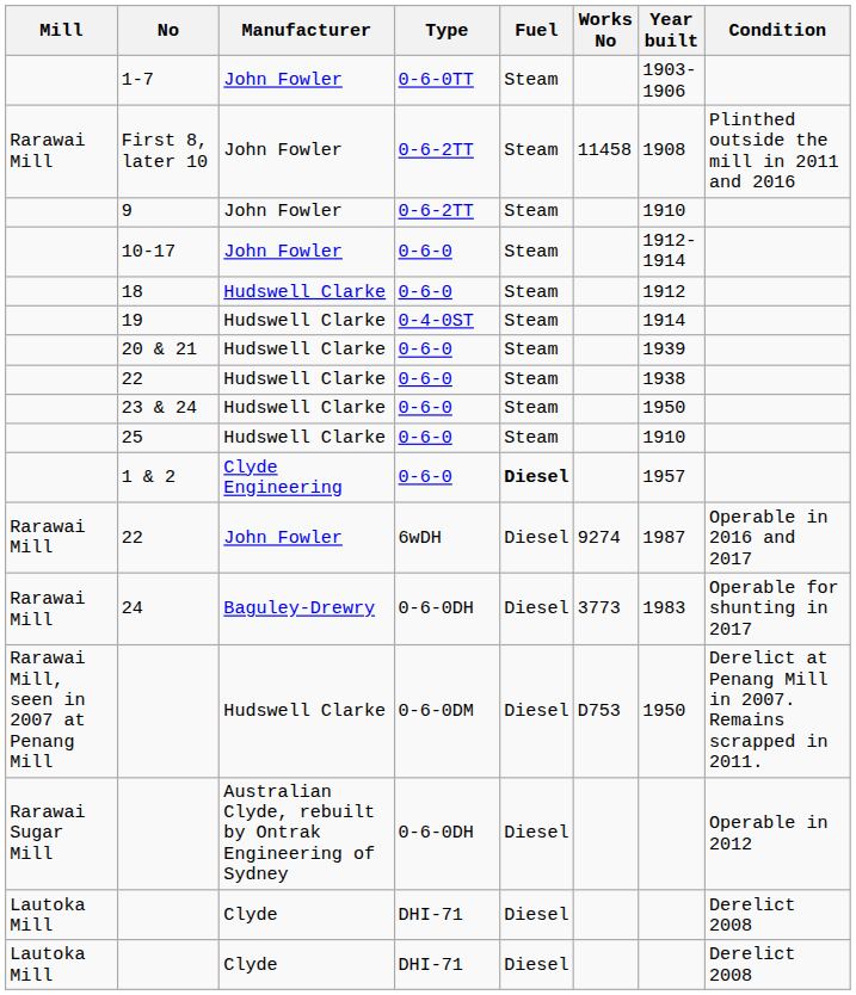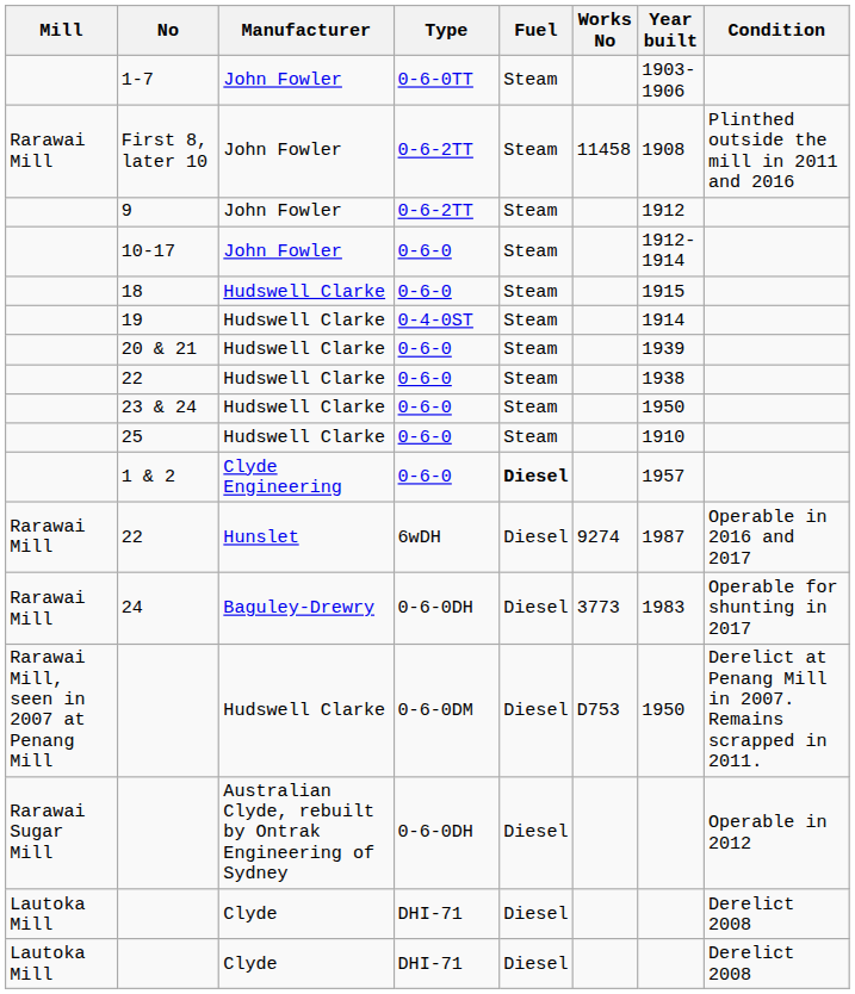 <table class="wikitable sortable">
 <tr>
 <th>Mill</th>
 <th>No</th>
 <th>Manufacturer</th>
 <th>Type</th>
 <th>Fuel</th>
 <th>Works No</th>
 <th>Year built</th>
 <th>Condition</th>
 </tr>
 <tr>
 <td></td>
 <td>1-7</td>
 <td><a href='#'>John Fowler</a></td>
 <td><a href='#'>0-6-0TT</a></td>
 <td>Steam</td>
 <td></td>
 <td>1903-1906</td>
 <td></td>
 </tr>
 <tr>
 <td>Rarawai Mill</td>
 <td>First 8, later 10</td>
 <td>John Fowler</td>
 <td><a href='#'>0-6-2TT</a></td>
 <td>Steam</td>
 <td>11458</td>
 <td>1908</td>
 <td>Plinthed outside the mill in 2011 and 2016</td>
 </tr>
 <tr>
 <td></td>
 <td>9</td>
 <td>John Fowler</td>
 <td><a href='#'>0-6-2TT</a></td>
 <td>Steam</td>
 <td></td>
-<td>1910</td>
+<td>1912</td>
 <td></td>
 </tr>
 <tr>
 <td></td>
 <td>10-17</td>
 <td><a href='#'>John Fowler</a></td>
 <td><a href='#'>0-6-0</a></td>
 <td>Steam</td>
 <td></td>
 <td>1912-1914</td>
 <td></td>
 </tr>
 <tr>
 <td></td>
 <td>18</td>
 <td><a href='#'>Hudswell Clarke</a></td>
 <td><a href='#'>0-6-0</a></td>
 <td>Steam</td>
 <td></td>
-<td>1912</td>
+<td>1915</td>
 <td></td>
 </tr>
 <tr>
 <td></td>
 <td>19</td>
 <td>Hudswell Clarke</td>
 <td><a href='#'>0-4-0ST</a></td>
 <td>Steam</td>
 <td></td>
 <td>1914</td>
 <td></td>
 </tr>
 <tr>
 <td></td>
 <td>20 & 21</td>
 <td>Hudswell Clarke</td>
 <td><a href='#'>0-6-0</a></td>
 <td>Steam</td>
 <td></td>
 <td>1939</td>
 <td></td>
 </tr>
 <tr>
 <td></td>
 <td>22</td>
 <td>Hudswell Clarke</td>
 <td><a href='#'>0-6-0</a></td>
 <td>Steam</td>
 <td></td>
 <td>1938</td>
 <td></td>
 </tr>
 <tr>
 <td></td>
 <td>23 & 24</td>
 <td>Hudswell Clarke</td>
 <td><a href='#'>0-6-0</a></td>
 <td>Steam</td>
 <td></td>
 <td>1950</td>
 <td></td>
 </tr>
 <tr>
 <td></td>
 <td>25</td>
 <td>Hudswell Clarke</td>
 <td><a href='#'>0-6-0</a></td>
 <td>Steam</td>
 <td></td>
 <td>1910</td>
 <td></td>
 </tr>
 <tr>
 <td></td>
 <td>1 & 2</td>
 <td><a href='#'>Clyde Engineering</a></td>
 <td><a href='#'>0-6-0</a></td>
 <td><strong>Diesel</strong></td>
 <td></td>
 <td>1957</td>
 <td></td>
 </tr>
 <tr>
 <td>Rarawai Mill</td>
 <td>22</td>
-<td><a href='#'>John Fowler</a></td>
+<td><a href='#'>Hunslet</a></td>
 <td>6wDH     </td>
 <td>Diesel</td>
 <td>9274</td>
 <td>1987</td>
 <td>Operable in 2016 and 2017</td>
 </tr>
 <tr>
 <td>Rarawai Mill</td>
 <td>24</td>
 <td><a href='#'>Baguley-Drewry</a></td>
 <td>0-6-0DH</td>
 <td>Diesel</td>
 <td>3773</td>
 <td>1983</td>
 <td>Operable for shun­ting in 2017</td>
 </tr>
 <tr>
 <td>Rarawai Mill, seen in 2007 at Penang Mill</td>
 <td></td>
 <td>Hudswell Clarke</td>
 <td>0-6-0DM</td>
 <td>Diesel</td>
 <td>D753</td>
 <td>1950</td>
 <td>Derelict at Penang Mill in 2007. Remains scrapped in 2011.</td>
 </tr>
 <tr>
 <td>Rarawai Sugar Mill</td>
 <td></td>
 <td>Australian Clyde, rebuilt by Ontrak Engineering of Sydney</td>
 <td>0-6-0DH</td>
 <td>Diesel</td>
 <td></td>
 <td></td>
 <td>Operable in 2012</td>
 </tr>
 <tr>
 <td>Lautoka Mill</td>
 <td></td>
 <td>Clyde</td>
 <td>DHI-71</td>
 <td>Diesel</td>
 <td></td>
 <td></td>
 <td>Derelict 2008</td>
 </tr>
 <tr>
 <td>Lautoka Mill</td>
 <td></td>
 <td>Clyde</td>
 <td>DHI-71</td>
 <td>Diesel</td>
 <td></td>
 <td></td>
 <td>Derelict 2008</td>
 </tr>
 </table>
